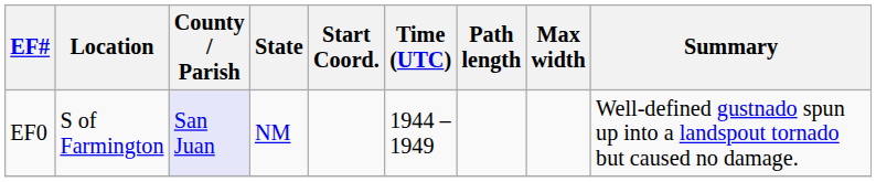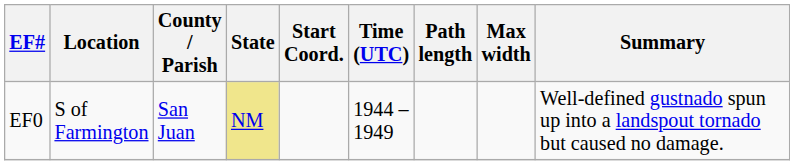 <table class="wikitable sortable" style="width:100%;">
 <tr>
 <th scope="col" width="3%" align="center"><a href='#'>EF#</a></th>
 <th scope="col" width="7%" align="center" class="unsortable">Location</th>
 <th scope="col" width="6%" align="center" class="unsortable">County / Parish</th>
 <th scope="col" width="5%" align="center">State</th>
 <th scope="col" width="6%" align="center">Start Coord.</th>
 <th scope="col" width="6%" align="center">Time (<a href='#'>UTC</a>)</th>
 <th scope="col" width="6%" align="center">Path length</th>
 <th scope="col" width="6%" align="center">Max width</th>
 <th scope="col" width="48%" class="unsortable" align="center">Summary</th>
 </tr>
 <tr>
 <td>EF0</td>
 <td>S of <a href='#'>Farmington</a></td>
-<td style="background: lavender;"><a href='#'>San Juan</a></td>
-<td><a href='#'>NM</a></td>
+<td><a href='#'>San Juan</a></td>
+<td style="background: khaki;"><a href='#'>NM</a></td>
 <td></td>
 <td>1944 – 1949</td>
 <td></td>
 <td></td>
 <td>Well-defined <a href='#'>gustnado</a> spun up into a <a href='#'>landspout tornado</a> but caused no damage.</td>
 </tr>
 <tr>
 </tr>
 </table>
